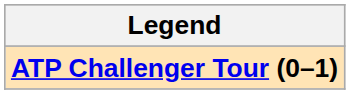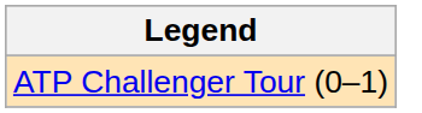 <table class=wikitable>
 <tr>
 <th>Legend</th>
 </tr>
 <tr bgcolor=moccasin>
-<td><strong><a href='#'>ATP Challenger Tour</a> (0–1)</strong></td>
+<td><a href='#'>ATP Challenger Tour</a> (0–1)</td>
 </tr>
 </table>
